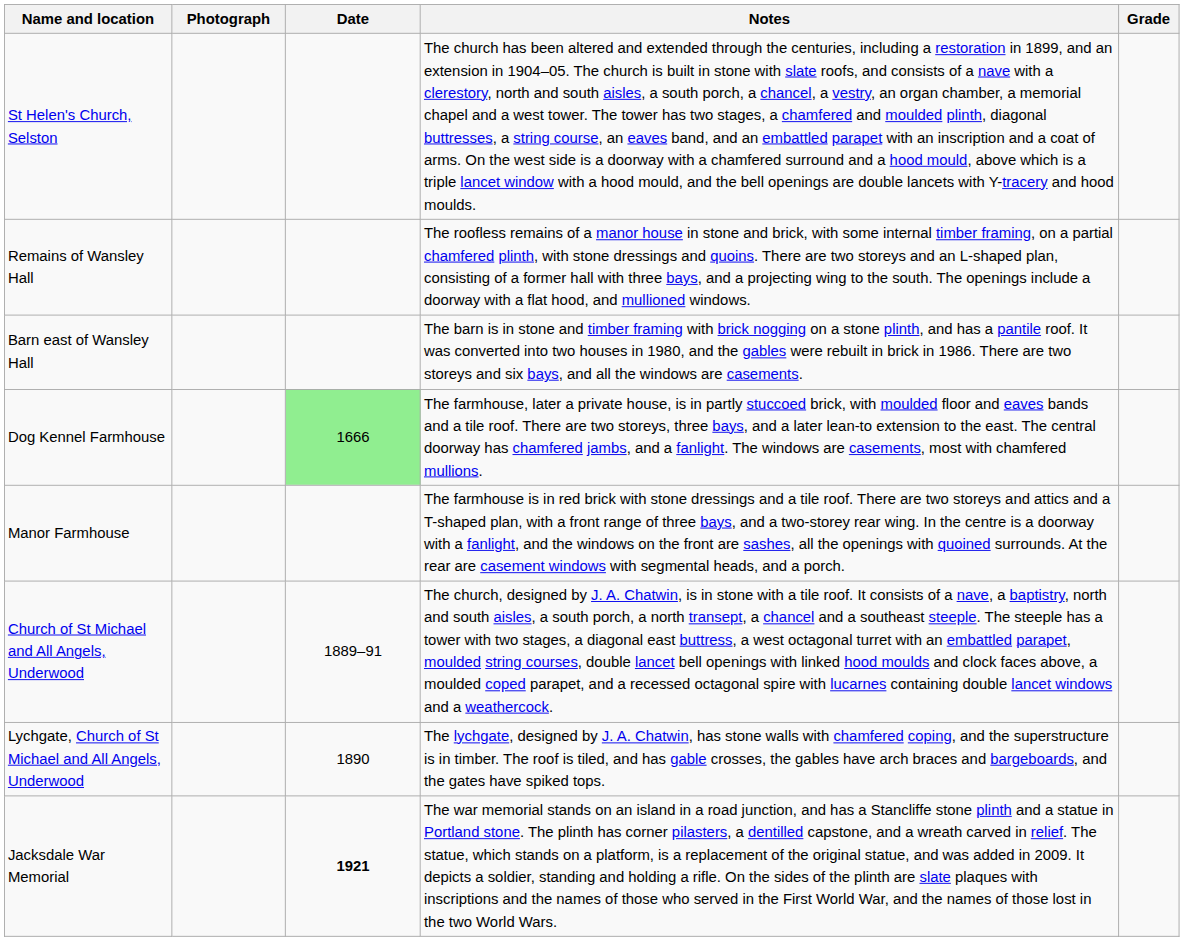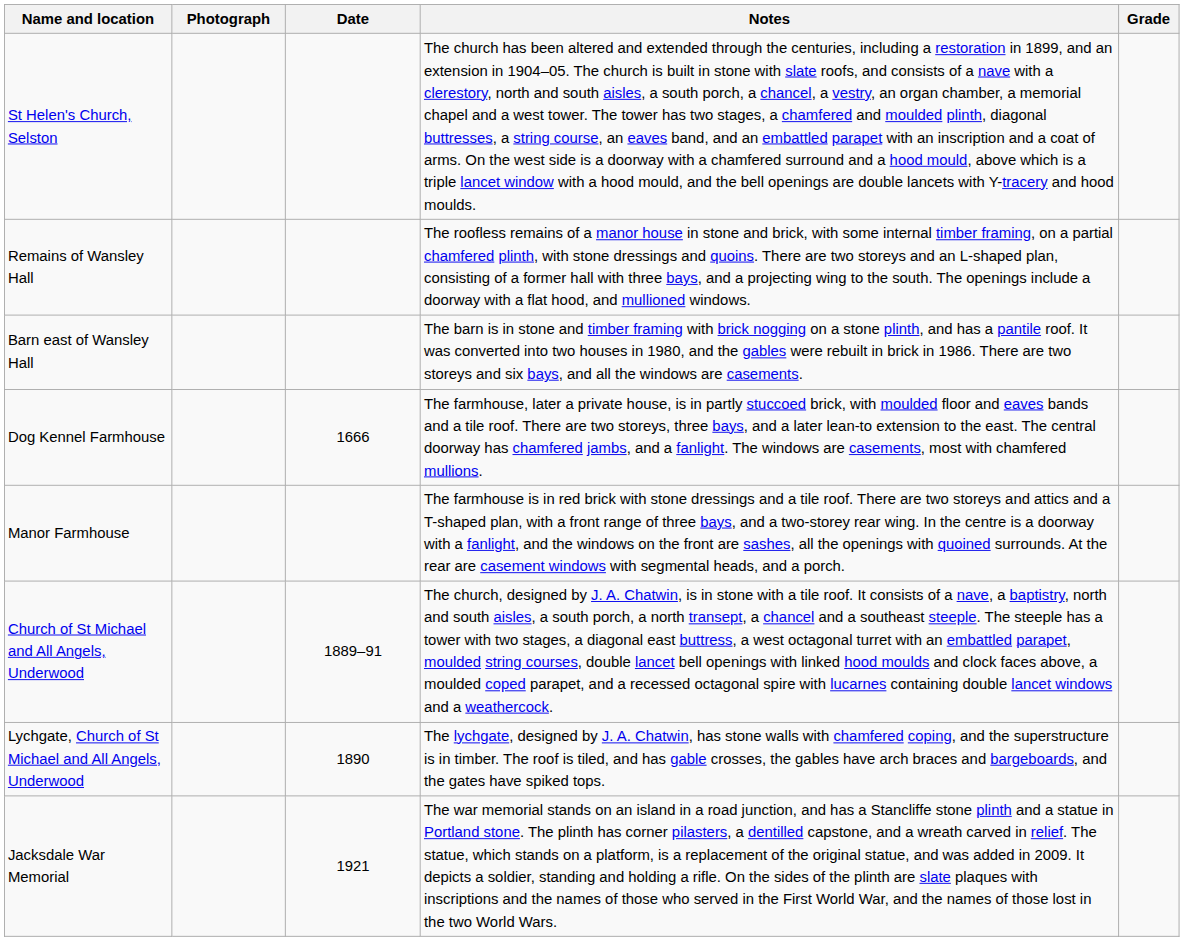 <table class="wikitable sortable plainrowheaders" style="width:100%; border:0px; text-align:left; line-height:150%">
 <tr>
 <th scope="col"  style="width:150px">Name and location</th>
 <th scope="col"  style="width:100px" class="unsortable">Photograph</th>
 <th scope="col"  style="width:120px">Date</th>
 <th scope="col"  style="width:650px" class="unsortable">Notes</th>
 <th scope="col"  style="width:50px">Grade</th>
 </tr>
 <tr>
 <td><a href='#'>St Helen's Church, Selston</a><br><small></small></td>
 <td></td>
 <td align="center"></td>
 <td>The church has been altered and extended through the centuries, including a <a href='#'>restoration</a> in 1899, and an extension in 1904–05.  The church is built in stone with <a href='#'>slate</a> roofs, and consists of a <a href='#'>nave</a> with a <a href='#'>clerestory</a>, north and south <a href='#'>aisles</a>, a south porch, a <a href='#'>chancel</a>, a <a href='#'>vestry</a>, an organ chamber, a memorial chapel and a west tower.  The tower has two stages, a <a href='#'>chamfered</a> and <a href='#'>moulded</a> <a href='#'>plinth</a>, diagonal <a href='#'>buttresses</a>, a <a href='#'>string course</a>, an <a href='#'>eaves</a> band, and an <a href='#'>embattled</a> <a href='#'>parapet</a> with an inscription and a coat of arms.  On the west side is a doorway with a chamfered surround and a <a href='#'>hood mould</a>, above which is a triple <a href='#'>lancet window</a> with a hood mould, and the bell openings are double lancets with Y-<a href='#'>tracery</a> and hood moulds.</td>
 <td align="center" ></td>
 </tr>
 <tr>
 <td>Remains of Wansley Hall<br><small></small></td>
 <td></td>
 <td align="center"></td>
 <td>The roofless remains of a <a href='#'>manor house</a> in stone and brick, with some internal <a href='#'>timber framing</a>, on a partial <a href='#'>chamfered</a> <a href='#'>plinth</a>, with stone dressings and <a href='#'>quoins</a>.  There are two storeys and an L-shaped plan, consisting of a former hall with three <a href='#'>bays</a>, and a projecting wing to the south.  The openings include a doorway with a flat hood, and <a href='#'>mullioned</a> windows.</td>
 <td align="center" ></td>
 </tr>
 <tr>
 <td>Barn east of Wansley Hall<br><small></small></td>
 <td></td>
 <td align="center"></td>
 <td>The barn is in stone and <a href='#'>timber framing</a> with <a href='#'>brick nogging</a> on a stone <a href='#'>plinth</a>, and has a <a href='#'>pantile</a> roof.  It was converted into two houses in 1980, and the <a href='#'>gables</a> were rebuilt in brick in 1986.  There are two storeys and six <a href='#'>bays</a>, and all the windows are <a href='#'>casements</a>.</td>
 <td align="center" ></td>
 </tr>
 <tr>
 <td>Dog Kennel Farmhouse<br><small></small></td>
 <td></td>
-<td align="center" style="background: lightgreen;">1666</td>
+<td align="center">1666</td>
 <td>The farmhouse, later a private house, is in partly <a href='#'>stuccoed</a> brick, with <a href='#'>moulded</a> floor and <a href='#'>eaves</a> bands and a tile roof.  There are two storeys, three <a href='#'>bays</a>, and a later lean-to extension to the east.  The central doorway has <a href='#'>chamfered</a> <a href='#'>jambs</a>, and a <a href='#'>fanlight</a>. The windows are <a href='#'>casements</a>, most with chamfered <a href='#'>mullions</a>.</td>
 <td align="center" ></td>
 </tr>
 <tr>
 <td>Manor Farmhouse<br><small></small></td>
 <td></td>
 <td align="center"></td>
 <td>The farmhouse is in red brick with stone dressings and a tile roof.  There are two storeys and attics and a T-shaped plan, with a front range of three <a href='#'>bays</a>, and a two-storey rear wing.  In the centre is a doorway with a <a href='#'>fanlight</a>, and the windows on the front are <a href='#'>sashes</a>, all the openings with <a href='#'>quoined</a> surrounds.  At the rear are <a href='#'>casement windows</a> with segmental heads, and a porch.</td>
 <td align="center" ></td>
 </tr>
 <tr>
 <td><a href='#'>Church of St Michael and All Angels, Underwood</a><br><small></small></td>
 <td></td>
 <td align="center">1889–91</td>
 <td>The church, designed by <a href='#'>J. A. Chatwin</a>, is in stone with a tile roof.  It consists of a <a href='#'>nave</a>, a <a href='#'>baptistry</a>, north and south <a href='#'>aisles</a>, a south porch, a north <a href='#'>transept</a>, a <a href='#'>chancel</a> and a southeast <a href='#'>steeple</a>.  The steeple has a tower with two stages, a diagonal east <a href='#'>buttress</a>, a west octagonal turret with an <a href='#'>embattled</a> <a href='#'>parapet</a>, <a href='#'>moulded</a> <a href='#'>string courses</a>, double <a href='#'>lancet</a> bell openings with linked <a href='#'>hood moulds</a> and clock faces above, a moulded <a href='#'>coped</a> parapet, and a recessed octagonal spire with <a href='#'>lucarnes</a> containing double <a href='#'>lancet windows</a> and a <a href='#'>weathercock</a>.</td>
 <td align="center" ></td>
 </tr>
 <tr>
 <td>Lychgate, <a href='#'>Church of St Michael and All Angels, Underwood</a><br><small></small></td>
 <td></td>
 <td align="center">1890</td>
 <td>The <a href='#'>lychgate</a>, designed by <a href='#'>J. A. Chatwin</a>, has stone walls with <a href='#'>chamfered</a> <a href='#'>coping</a>, and the superstructure is in timber.  The roof is tiled, and has  <a href='#'>gable</a> crosses, the gables have arch braces and <a href='#'>bargeboards</a>, and the gates have spiked tops.</td>
 <td align="center" ></td>
 </tr>
 <tr>
 <td>Jacksdale War Memorial<br><small></small></td>
 <td></td>
-<td align="center"><strong>1921</strong></td>
+<td align="center">1921</td>
 <td>The war memorial stands on an island in a road junction, and has a Stancliffe stone <a href='#'>plinth</a> and a statue in <a href='#'>Portland stone</a>.  The plinth has corner <a href='#'>pilasters</a>, a <a href='#'>dentilled</a> capstone, and a wreath carved in <a href='#'>relief</a>.  The statue, which stands on a platform, is a replacement of the original statue, and was added in 2009.  It depicts a soldier, standing and holding a rifle.  On the sides of the plinth are <a href='#'>slate</a> plaques with inscriptions and the names of those who served in the First World War, and the names of those lost in the two World Wars.</td>
 <td align="center" ></td>
 </tr>
 <tr>
 </tr>
 </table>
